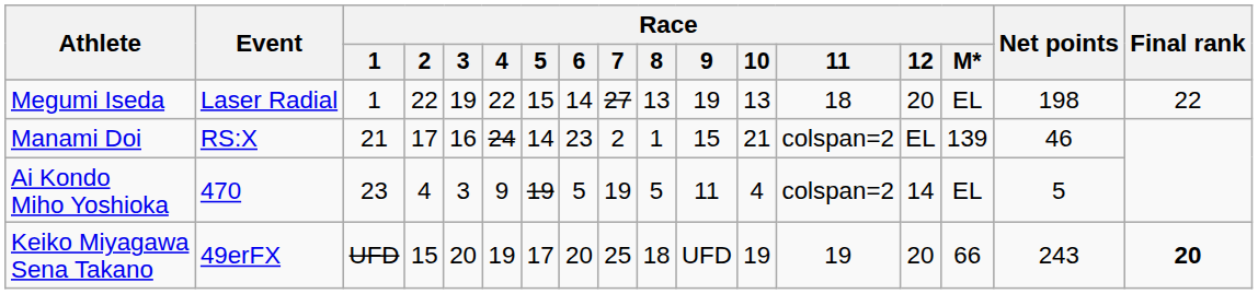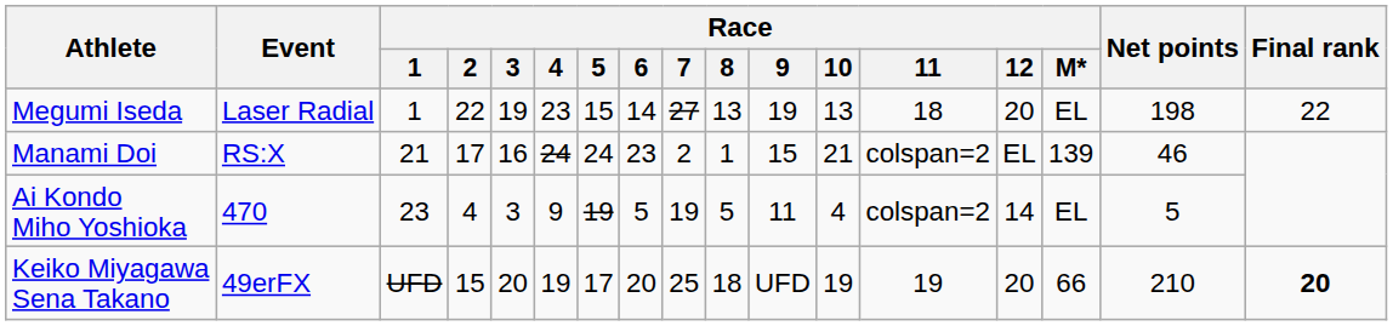 <table class="wikitable" style="font-size:90%">
 <tr>
 <th rowspan="2">Athlete</th>
 <th rowspan="2">Event</th>
 <th colspan=13>Race</th>
 <th rowspan=2>Net points</th>
 <th rowspan=2>Final rank</th>
 </tr>
 <tr style="font-size:95%">
 <th>1</th>
 <th>2</th>
 <th>3</th>
 <th>4</th>
 <th>5</th>
 <th>6</th>
 <th>7</th>
 <th>8</th>
 <th>9</th>
 <th>10</th>
 <th>11</th>
 <th>12</th>
 <th>M*</th>
 </tr>
 <tr align=center>
 <td align=left><a href='#'>Megumi Iseda</a></td>
 <td align=left><a href='#'>Laser Radial</a></td>
 <td>1</td>
 <td>22</td>
 <td>19</td>
-<td>22</td>
+<td>23</td>
 <td>15</td>
 <td>14</td>
 <td><s>27</s></td>
 <td>13</td>
 <td>19</td>
 <td>13</td>
 <td>18</td>
 <td>20</td>
 <td>EL</td>
 <td>198</td>
 <td>22</td>
 </tr>
 <tr align=center>
 <td align=left><a href='#'>Manami Doi</a></td>
 <td align=left><a href='#'>RS:X</a></td>
 <td>21</td>
 <td>17</td>
 <td>16</td>
 <td><s>24</s></td>
-<td>14</td>
+<td>24</td>
 <td>23</td>
 <td>2</td>
 <td>1</td>
 <td>15</td>
 <td>21</td>
 <td>colspan=2 </td>
 <td>EL</td>
 <td>139</td>
 <td>46</td>
 </tr>
 <tr align=center>
 <td align=left><a href='#'>Ai Kondo</a><br><a href='#'>Miho Yoshioka</a></td>
 <td align=left><a href='#'>470</a></td>
 <td>23</td>
 <td>4</td>
 <td>3</td>
 <td>9</td>
 <td><s>19</s></td>
 <td>5</td>
 <td>19</td>
 <td>5</td>
 <td>11</td>
 <td>4</td>
 <td>colspan=2 </td>
 <td>14</td>
 <td>EL</td>
 <td>5</td>
 </tr>
 <tr align=center>
 <td align=left><a href='#'>Keiko Miyagawa</a><br><a href='#'>Sena Takano</a></td>
 <td align=left><a href='#'>49erFX</a></td>
 <td><s>UFD</s></td>
 <td>15</td>
 <td>20</td>
 <td>19</td>
 <td>17</td>
 <td>20</td>
 <td>25</td>
 <td>18</td>
 <td>UFD</td>
 <td>19</td>
 <td>19</td>
 <td>20</td>
 <td>66</td>
-<td>243</td>
+<td>210</td>
 <td><strong>20</strong></td>
 </tr>
 </table>
